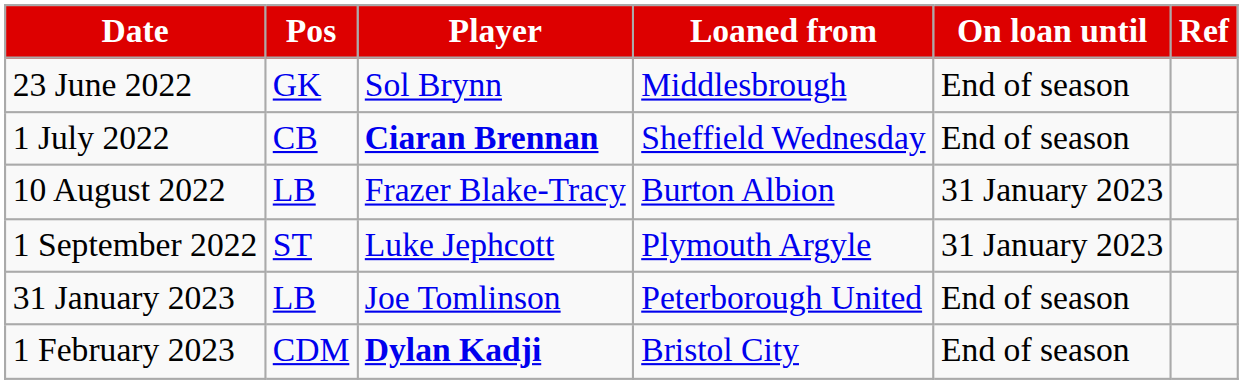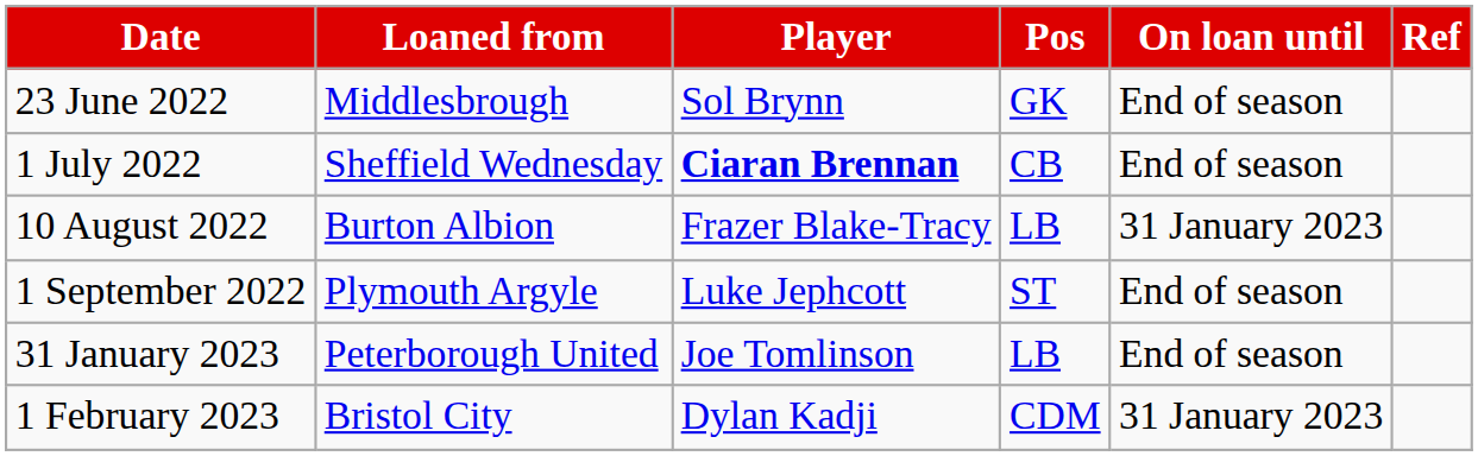 <table class="wikitable plainrowheaders sortable">
 <tr>
 <th style="background:#dd0000; color:#FFFFFF; ">Date</th>
+<th style="background:#dd0000; color:#FFFFFF; ">Loaned from</th>
+<th style="background:#dd0000; color:#FFFFFF; ">Player</th>
 <th style="background:#dd0000; color:#FFFFFF; ">Pos</th>
-<th style="background:#dd0000; color:#FFFFFF; ">Player</th>
-<th style="background:#dd0000; color:#FFFFFF; ">Loaned from</th>
 <th style="background:#dd0000; color:#FFFFFF; ">On loan until</th>
 <th style="background:#dd0000; color:#FFFFFF; ">Ref</th>
 </tr>
 <tr>
 <td>23 June 2022</td>
+<td> <a href='#'>Middlesbrough</a></td>
+<td> <a href='#'>Sol Brynn</a></td>
 <td><a href='#'>GK</a></td>
-<td> <a href='#'>Sol Brynn</a></td>
-<td> <a href='#'>Middlesbrough</a></td>
 <td>End of season</td>
 <td></td>
 </tr>
 <tr>
 <td>1 July 2022</td>
+<td> <a href='#'>Sheffield Wednesday</a></td>
+<td><strong> <a href='#'>Ciaran Brennan</a></strong></td>
 <td><a href='#'>CB</a></td>
-<td><strong> <a href='#'>Ciaran Brennan</a></strong></td>
-<td> <a href='#'>Sheffield Wednesday</a></td>
 <td>End of season</td>
 <td></td>
 </tr>
 <tr>
 <td>10 August 2022</td>
+<td> <a href='#'>Burton Albion</a></td>
+<td> <a href='#'>Frazer Blake-Tracy</a></td>
 <td><a href='#'>LB</a></td>
-<td> <a href='#'>Frazer Blake-Tracy</a></td>
-<td> <a href='#'>Burton Albion</a></td>
 <td>31 January 2023</td>
 <td></td>
 </tr>
 <tr>
 <td>1 September 2022</td>
+<td> <a href='#'>Plymouth Argyle</a></td>
+<td> <a href='#'>Luke Jephcott</a></td>
 <td><a href='#'>ST</a></td>
-<td> <a href='#'>Luke Jephcott</a></td>
-<td> <a href='#'>Plymouth Argyle</a></td>
-<td>31 January 2023</td>
+<td>End of season</td>
 <td></td>
 </tr>
 <tr>
 <td>31 January 2023</td>
+<td> <a href='#'>Peterborough United</a></td>
+<td> <a href='#'>Joe Tomlinson</a></td>
 <td><a href='#'>LB</a></td>
-<td> <a href='#'>Joe Tomlinson</a></td>
-<td> <a href='#'>Peterborough United</a></td>
 <td>End of season</td>
 <td></td>
 </tr>
 <tr>
 <td>1 February 2023</td>
+<td> <a href='#'>Bristol City</a></td>
+<td> <a href='#'>Dylan Kadji</a></td>
 <td><a href='#'>CDM</a></td>
-<td><strong> <a href='#'>Dylan Kadji</a></strong></td>
-<td> <a href='#'>Bristol City</a></td>
-<td>End of season</td>
+<td>31 January 2023</td>
 <td></td>
 </tr>
 </table>
